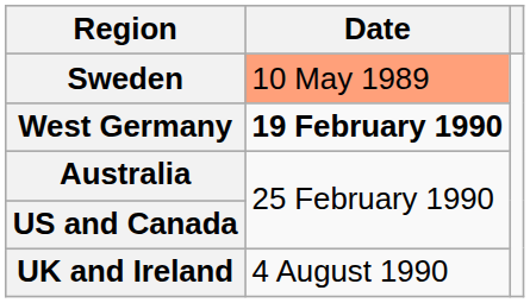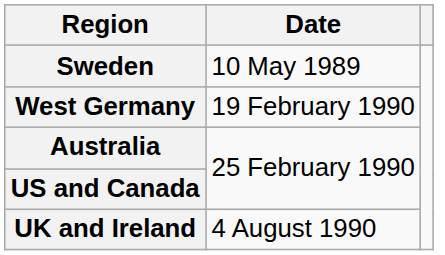 <table class="wikitable plainrowheaders">
 <tr>
 <th scope="col">Region</th>
 <th scope="col">Date</th>
 <th scope="col"></th>
 </tr>
 <tr>
 <th scope="row">Sweden</th>
-<td style="background: lightsalmon;">10 May 1989</td>
+<td>10 May 1989</td>
 <td rowspan="5" align="center"></td>
 </tr>
 <tr>
 <th scope="row">West Germany</th>
-<td><strong>19 February 1990</strong></td>
+<td>19 February 1990</td>
 </tr>
 <tr>
 <th scope="row">Australia</th>
 <td rowspan="2">25 February 1990</td>
 </tr>
 <tr>
 <th scope="row">US and Canada</th>
 </tr>
 <tr>
 <th scope="row">UK and Ireland</th>
 <td>4 August 1990</td>
 </tr>
 </table>
